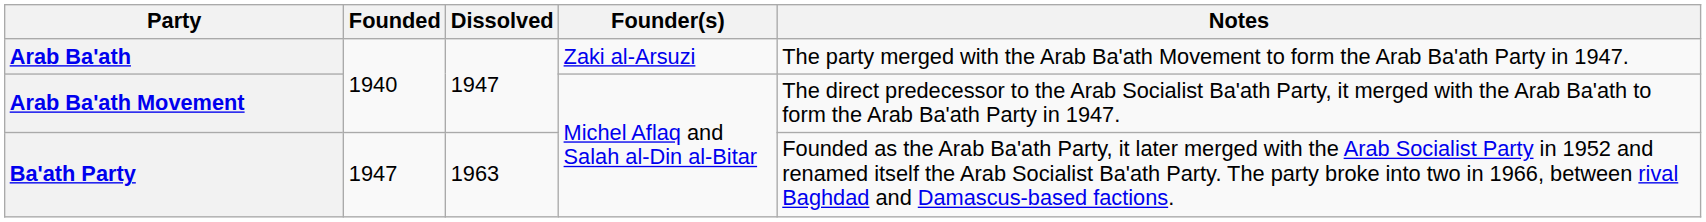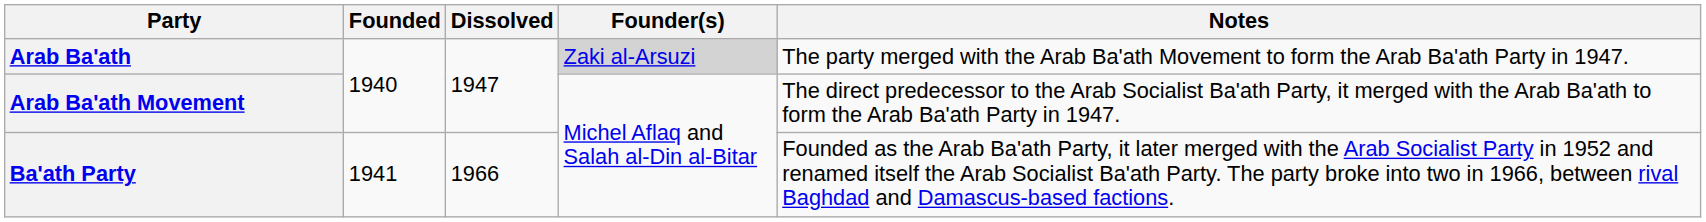 <table class="wikitable sortable" style="align:center">
 <tr>
 <th style="width:20%">Party</th>
 <th>Founded</th>
 <th>Dissolved</th>
 <th>Founder(s)</th>
 <th>Notes</th>
 </tr>
 <tr>
 <th style="text-align:left"><a href='#'>Arab Ba'ath</a></th>
 <td rowspan="2">1940</td>
 <td rowspan="2">1947</td>
-<td><a href='#'>Zaki al-Arsuzi</a></td>
+<td style="background: lightgrey;"><a href='#'>Zaki al-Arsuzi</a></td>
 <td>The party merged with the Arab Ba'ath Movement to form the Arab Ba'ath Party in 1947.</td>
 </tr>
 <tr>
 <th style="text-align:left"><a href='#'>Arab Ba'ath Movement</a></th>
 <td rowspan="2"><a href='#'>Michel Aflaq</a> and <a href='#'>Salah al-Din al-Bitar</a></td>
 <td>The direct predecessor to the Arab Socialist Ba'ath Party, it merged with the Arab Ba'ath to form the Arab Ba'ath Party in 1947.</td>
 </tr>
 <tr>
 <th style="text-align:left"><a href='#'>Ba'ath Party</a></th>
-<td>1947</td>
-<td>1963</td>
+<td>1941</td>
+<td>1966</td>
 <td>Founded as the Arab Ba'ath Party, it later merged with the <a href='#'>Arab Socialist Party</a> in 1952 and renamed itself the Arab Socialist Ba'ath Party. The party broke into two in 1966, between <a href='#'>rival Baghdad</a> and <a href='#'>Damascus-based factions</a>.</td>
 </tr>
 </table>
